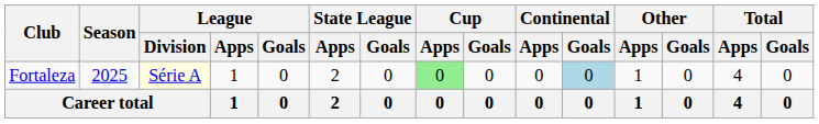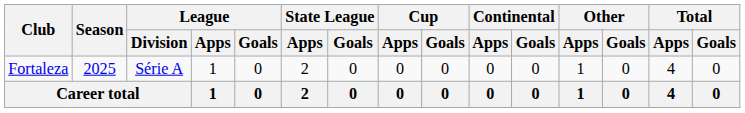 <table class="wikitable" style="text-align: center;">
 <tr>
 <th rowspan="2">Club</th>
 <th rowspan="2">Season</th>
 <th colspan="3">League</th>
 <th colspan="2">State League</th>
 <th colspan="2">Cup</th>
 <th colspan="2">Continental</th>
 <th colspan="2">Other</th>
 <th colspan="2">Total</th>
 </tr>
 <tr>
 <th>Division</th>
 <th>Apps</th>
 <th>Goals</th>
 <th>Apps</th>
 <th>Goals</th>
 <th>Apps</th>
 <th>Goals</th>
 <th>Apps</th>
 <th>Goals</th>
 <th>Apps</th>
 <th>Goals</th>
 <th>Apps</th>
 <th>Goals</th>
 </tr>
 <tr>
 <td valign="center"><a href='#'>Fortaleza</a></td>
 <td><a href='#'>2025</a></td>
-<td style="background: lightyellow;"><a href='#'>Série A</a></td>
+<td><a href='#'>Série A</a></td>
 <td>1</td>
 <td>0</td>
 <td>2</td>
 <td>0</td>
-<td style="background: lightgreen;">0</td>
 <td>0</td>
 <td>0</td>
-<td style="background: lightblue;">0</td>
+<td>0</td>
+<td>0</td>
 <td>1</td>
 <td>0</td>
 <td>4</td>
 <td>0</td>
 </tr>
 <tr>
 <th colspan="3"><strong>Career total</strong></th>
 <th>1</th>
 <th>0</th>
 <th>2</th>
 <th>0</th>
 <th>0</th>
 <th>0</th>
 <th>0</th>
 <th>0</th>
 <th>1</th>
 <th>0</th>
 <th>4</th>
 <th>0</th>
 </tr>
 </table>
